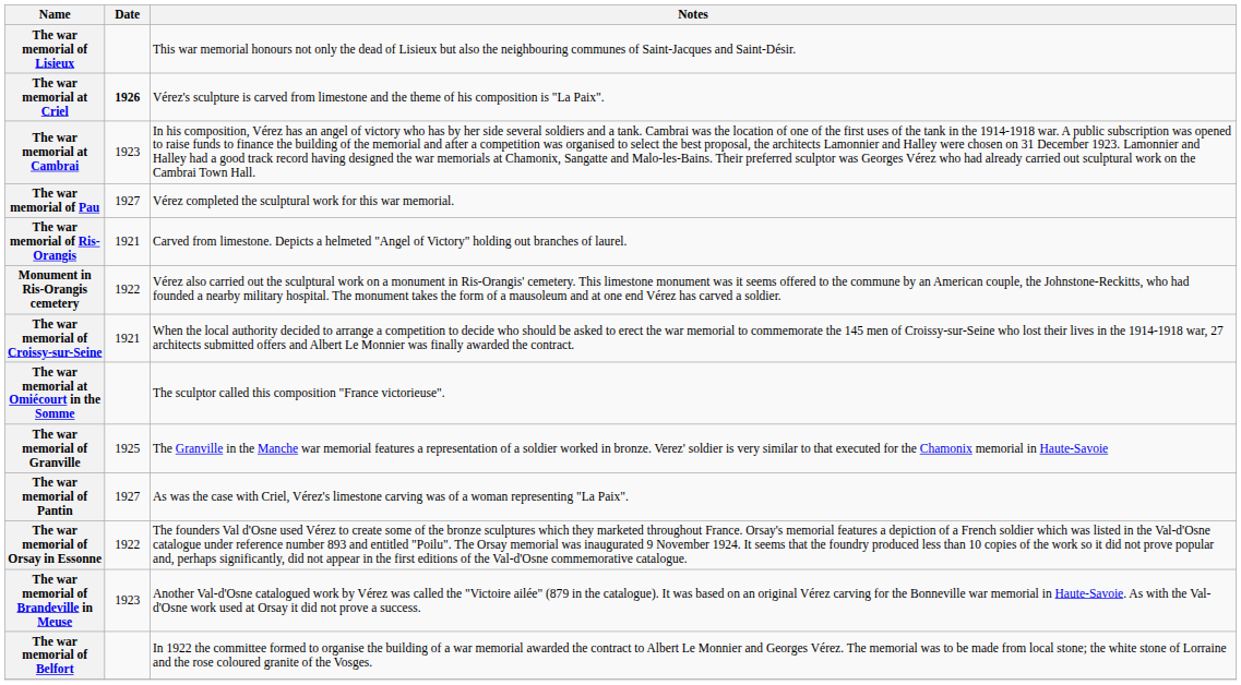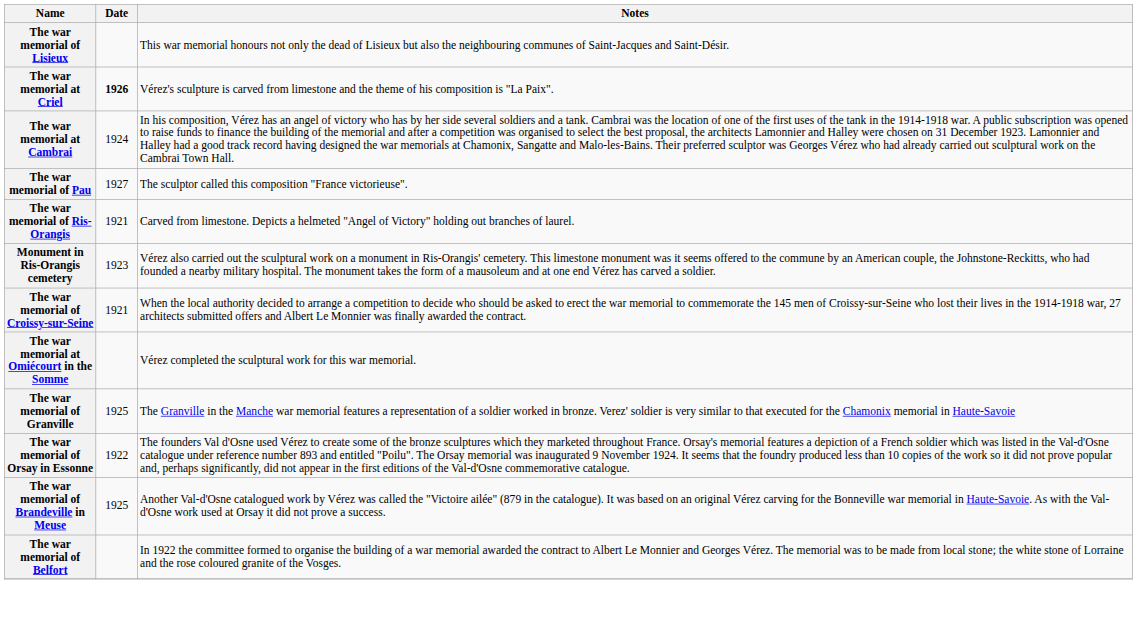 <table class="wikitable sortable plainrowheaders">
 <tr>
 <th scope="col" style="width:120px">Name</th>
 <th scope="col" style="width:50px">Date</th>
 <th scope="col" class="unsortable">Notes</th>
 </tr>
 <tr>
 <th scope="row">The war memorial of <a href='#'>Lisieux</a></th>
 <td align="center"></td>
 <td>This war memorial honours not only the dead of Lisieux but also the neighbouring communes of Saint-Jacques and Saint-Désir.</td>
 </tr>
 <tr>
 <th scope="row">The war memorial at <a href='#'>Criel</a></th>
 <td align="center"><strong>1926</strong></td>
 <td>Vérez's sculpture is carved from limestone and the theme of his composition is "La Paix".<br></td>
 </tr>
 <tr>
 <th scope="row">The war memorial at <a href='#'>Cambrai</a></th>
-<td align="center">1923</td>
+<td align="center">1924</td>
 <td>In his composition, Vérez has an angel of victory who has by her side several soldiers and a tank. Cambrai was the location of one of the first uses of the tank in the 1914-1918 war. A public subscription was opened to raise funds to finance the building of the memorial and after a competition was organised to select the best proposal, the architects Lamonnier and Halley were chosen on 31 December 1923. Lamonnier and Halley had a good track record having designed the war memorials at Chamonix, Sangatte and  Malo-les-Bains.  Their preferred sculptor was Georges Vérez who had already carried out sculptural work on the Cambrai Town Hall.<br> </td>
 </tr>
 <tr>
 <th scope="row">The war memorial of <a href='#'>Pau</a></th>
 <td align="center">1927</td>
-<td>Vérez completed the sculptural work for this war memorial.<br></td>
+<td>The sculptor called this composition "France victorieuse".<br>  </td>
 </tr>
 <tr>
 <th scope="row">The war memorial of <a href='#'>Ris-Orangis</a></th>
 <td align="center">1921</td>
 <td>Carved from limestone. Depicts a helmeted "Angel of Victory" holding out branches of laurel.<br></td>
 </tr>
 <tr>
 <th scope="row">Monument in Ris-Orangis cemetery</th>
-<td align="center">1922</td>
+<td align="center">1923</td>
 <td>Vérez also carried out the sculptural work on a monument in Ris-Orangis' cemetery. This limestone monument was it seems offered to the commune by an American couple, the Johnstone-Reckitts, who had founded a nearby military hospital. The monument takes the form of a mausoleum and at one end Vérez has carved a soldier.<br></td>
 </tr>
 <tr>
 <th scope="row">The war memorial of <a href='#'>Croissy-sur-Seine</a></th>
 <td align="center">1921</td>
 <td>When the local authority decided to arrange a competition to decide who should be asked to erect the war memorial to commemorate the 145 men of Croissy-sur-Seine who lost their lives in the 1914-1918 war, 27 architects submitted offers and Albert Le Monnier was finally awarded the contract.<br></td>
 </tr>
 <tr>
 <th scope="row">The war memorial at <a href='#'>Omiécourt</a> in the <a href='#'>Somme</a></th>
 <td align="center"></td>
-<td>The sculptor called this composition "France victorieuse".<br>  </td>
+<td>Vérez completed the sculptural work for this war memorial.<br></td>
 </tr>
 <tr>
 <th scope="row">The war memorial of Granville</th>
 <td align="center">1925</td>
 <td>The <a href='#'>Granville</a> in the <a href='#'>Manche</a> war memorial features a representation of a soldier worked in bronze. Verez' soldier is very similar to that executed for the <a href='#'>Chamonix</a> memorial in <a href='#'>Haute-Savoie</a><br></td>
-</tr>
-<tr>
-<th scope="row">The war memorial of Pantin</th>
-<td align="center">1927</td>
-<td>As was the case with Criel, Vérez's limestone carving was of a woman representing "La Paix".<br></td>
 </tr>
 <tr>
 <th scope="row">The war memorial of Orsay in Essonne</th>
 <td align="center">1922</td>
 <td>The founders Val d'Osne used Vérez to create some of the bronze sculptures which they marketed throughout France. Orsay's memorial features a depiction of a French soldier which was listed in the Val-d'Osne catalogue under reference number 893 and entitled "Poilu". The Orsay memorial was inaugurated 9 November 1924. It seems that the foundry produced less than 10 copies of the work so it did not prove popular and, perhaps significantly, did not appear in the first editions of the Val-d'Osne commemorative catalogue.<br></td>
 </tr>
 <tr>
 <th scope="row">The war memorial of <a href='#'>Brandeville</a> in <a href='#'>Meuse</a></th>
-<td align="center">1923</td>
+<td align="center">1925</td>
 <td>Another Val-d'Osne catalogued work by Vérez was called the "Victoire ailée" (879 in the catalogue). It was based on an original Vérez carving for the Bonneville war memorial in <a href='#'>Haute-Savoie</a>. As with the Val-d'Osne work used at Orsay it did not prove a success.</td>
 </tr>
 <tr>
 <th scope="row">The war memorial of <a href='#'>Belfort</a></th>
 <td align="center"></td>
 <td>In 1922 the committee formed to organise the building of a war memorial awarded the contract to Albert Le Monnier and Georges Vérez. The memorial was to be made from local stone; the white stone of Lorraine and the rose coloured granite of the Vosges.<br>   </td>
 </tr>
 <tr>
 </tr>
 </table>
